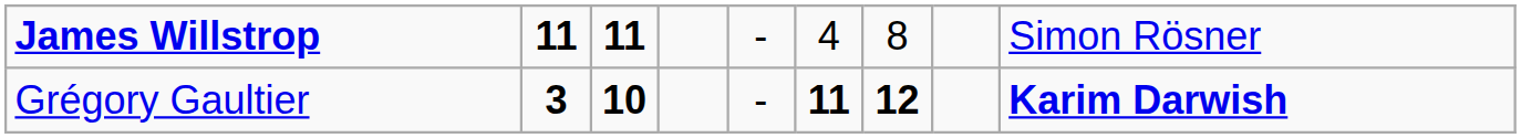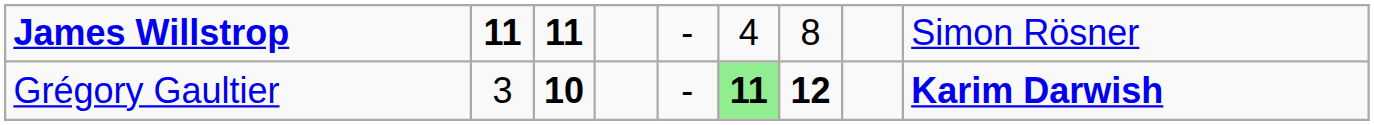 <table class="wikitable">
 <tr>
 <td width=200> <strong><a href='#'>James Willstrop</a></strong></td>
 <td style="width:20px; text-align:center;"><strong>11</strong></td>
 <td style="width:20px; text-align:center;"><strong>11</strong></td>
 <td style="width:20px; text-align:center;"></td>
 <td style="width:20px; text-align:center;">-</td>
 <td style="width:20px; text-align:center;">4</td>
 <td style="width:20px; text-align:center;">8</td>
 <td style="width:20px; text-align:center;"></td>
 <td width=200> <a href='#'>Simon Rösner</a></td>
 </tr>
 <tr>
 <td> <a href='#'>Grégory Gaultier</a></td>
-<td style="text-align:center;"><strong>3</strong></td>
+<td style="text-align:center;">3</td>
 <td style="text-align:center;"><strong>10</strong></td>
 <td style="text-align:center;"></td>
 <td style="text-align:center;">-</td>
-<td style="text-align:center;"><strong>11</strong></td>
+<td style="background: lightgreen; text-align:center;"><strong>11</strong></td>
 <td style="text-align:center;"><strong>12</strong></td>
 <td style="text-align:center;"></td>
 <td> <strong><a href='#'>Karim Darwish</a></strong></td>
 </tr>
 </table>
